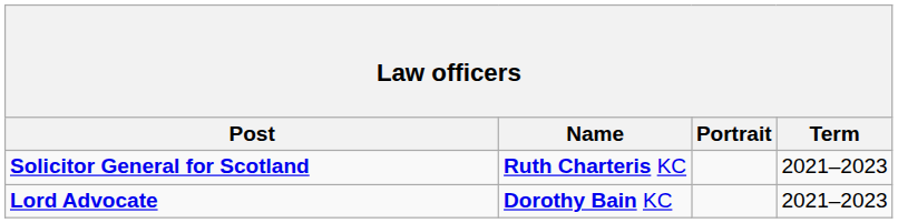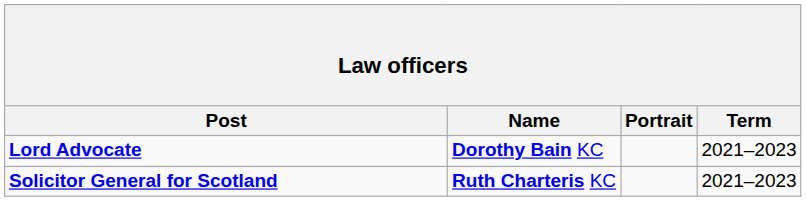 <table class="wikitable">
 <tr>
 <th colspan="4"><br><h3>Law officers</h3></th>
 </tr>
 <tr>
 <th style="width: 365px">Post</th>
 <th>Name</th>
 <th>Portrait</th>
 <th>Term</th>
 </tr>
 <tr>
+<td><strong><a href='#'>Lord Advocate</a></strong></td>
+<td> <strong><a href='#'>Dorothy Bain</a></strong> <a href='#'>KC</a></td>
+<td></td>
+<td>2021–2023</td>
+</tr>
+<tr>
 <td><strong><a href='#'>Solicitor General for Scotland</a></strong></td>
 <td><strong><a href='#'>Ruth Charteris</a></strong> <a href='#'>KC</a></td>
 <td></td>
 <td>2021–2023</td>
 </tr>
-<tr>
-<td><strong><a href='#'>Lord Advocate</a></strong></td>
-<td> <strong><a href='#'>Dorothy Bain</a></strong> <a href='#'>KC</a></td>
-<td></td>
-<td>2021–2023</td>
-</tr>
 </table>
